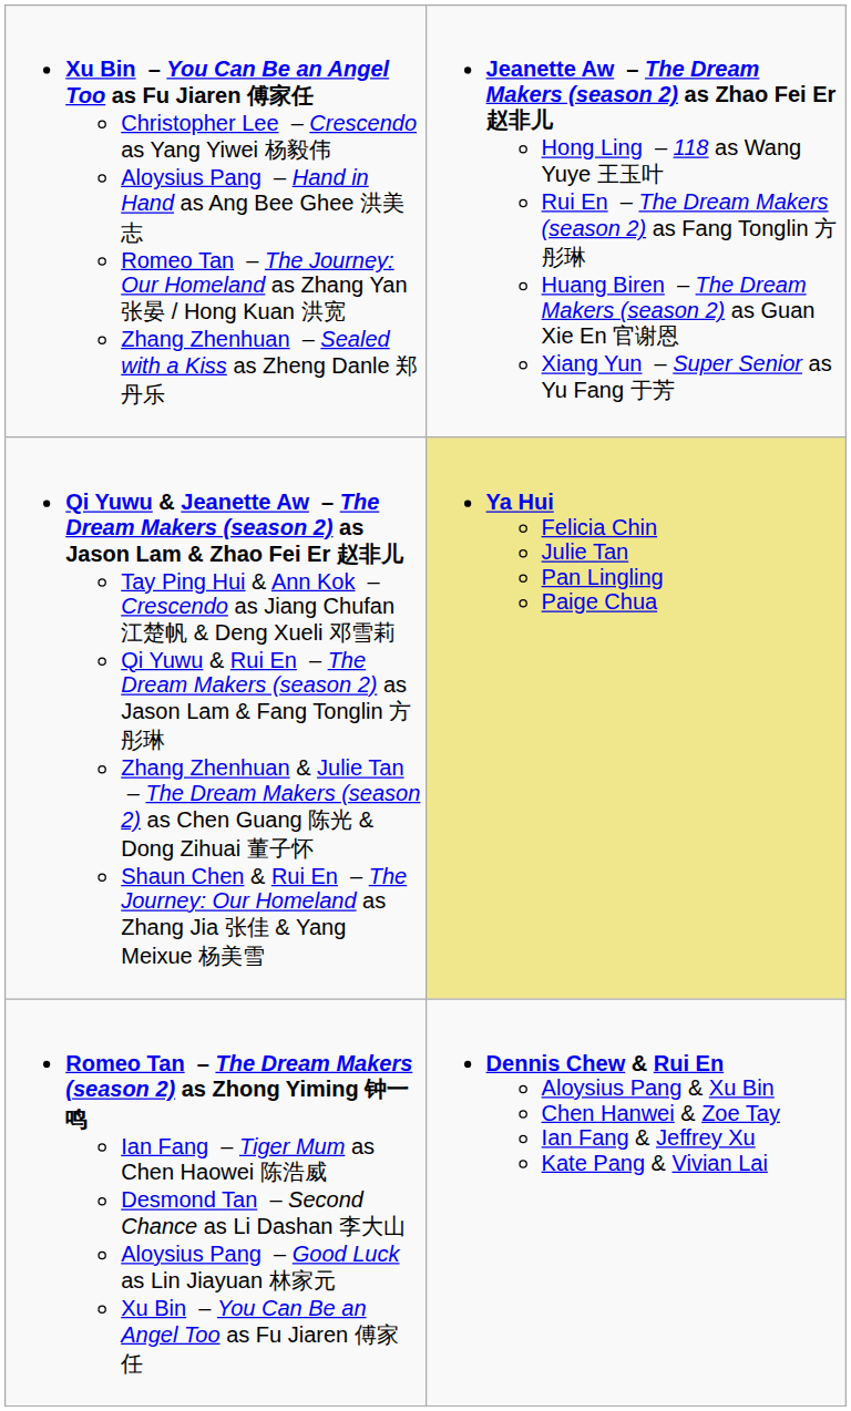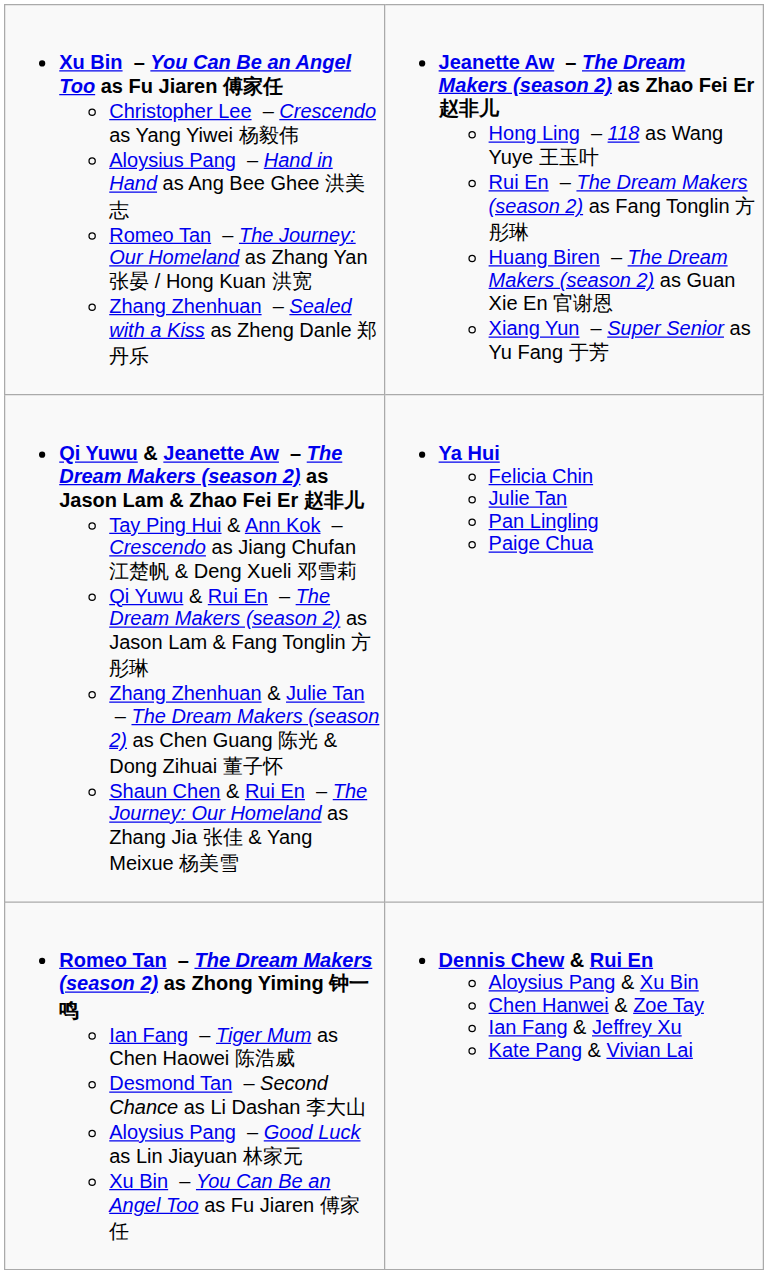 <table class=wikitable>
 <tr>
 <td valign="top" width="50%"><br><ul><li><strong><a href='#'>Xu Bin</a>  – <em><a href='#'>You Can Be an Angel Too</a></em> as Fu Jiaren 傅家任</strong><ul><li><a href='#'>Christopher Lee</a>    – <em><a href='#'>Crescendo</a></em>  as Yang Yiwei 杨毅伟</li><li><a href='#'>Aloysius Pang</a>  – <em><a href='#'>Hand in Hand</a></em>  as Ang Bee Ghee 洪美志</li><li><a href='#'>Romeo Tan</a>   – <em><a href='#'>The Journey: Our Homeland</a></em> as Zhang Yan 张晏 / Hong Kuan 洪宽</li><li><a href='#'>Zhang Zhenhuan</a>   – <em><a href='#'>Sealed with a Kiss</a></em> as Zheng Danle 郑丹乐</li></ul></li></ul></td>
 <td valign="top" width="50%"><br><ul><li><strong><a href='#'>Jeanette Aw</a>   – <em><a href='#'>The Dream Makers (season 2)</a></em> as Zhao Fei Er 赵非儿</strong><ul><li><a href='#'>Hong Ling</a>   – <em><a href='#'>118</a></em> as Wang Yuye 王玉叶</li><li><a href='#'>Rui En</a>    – <em><a href='#'>The Dream Makers (season 2)</a></em>  as Fang Tonglin 方彤琳</li><li><a href='#'>Huang Biren</a>   – <em><a href='#'>The Dream Makers (season 2)</a></em> as Guan Xie En 官谢恩</li><li><a href='#'>Xiang Yun</a>   – <em><a href='#'>Super Senior</a></em> as Yu Fang 于芳</li></ul></li></ul></td>
 </tr>
 <tr>
 <td valign="top" width="50%"><br><ul><li><strong><a href='#'>Qi Yuwu</a>  & <a href='#'>Jeanette Aw</a>   – <em><a href='#'>The Dream Makers (season 2)</a></em> as Jason Lam & Zhao Fei Er 赵非儿</strong><ul><li><a href='#'>Tay Ping Hui</a>  & <a href='#'>Ann Kok</a>   – <em><a href='#'>Crescendo</a></em>  as Jiang Chufan 江楚帆 & Deng Xueli 邓雪莉</li><li><a href='#'>Qi Yuwu</a>  & <a href='#'>Rui En</a>    – <em><a href='#'>The Dream Makers (season 2)</a></em>  as Jason Lam & Fang Tonglin 方彤琳</li><li><a href='#'>Zhang Zhenhuan</a> & <a href='#'>Julie Tan</a>   – <em><a href='#'>The Dream Makers (season 2)</a></em> as Chen Guang 陈光 & Dong Zihuai 董子怀</li><li><a href='#'>Shaun Chen</a>  & <a href='#'>Rui En</a>    – <em><a href='#'>The Journey: Our Homeland</a></em> as Zhang Jia 张佳 & Yang Meixue 杨美雪</li></ul></li></ul></td>
-<td valign="top" width="50%" style="background: khaki;"><br><ul><li><strong><a href='#'>Ya Hui</a> </strong><ul><li><a href='#'>Felicia Chin</a></li><li><a href='#'>Julie Tan</a></li><li><a href='#'>Pan Lingling</a></li><li><a href='#'>Paige Chua</a></li></ul></li></ul></td>
+<td valign="top" width="50%"><br><ul><li><strong><a href='#'>Ya Hui</a> </strong><ul><li><a href='#'>Felicia Chin</a></li><li><a href='#'>Julie Tan</a></li><li><a href='#'>Pan Lingling</a></li><li><a href='#'>Paige Chua</a></li></ul></li></ul></td>
 </tr>
 <tr>
 <td valign="top" width="50%"><br><ul><li><strong><a href='#'>Romeo Tan</a>   – <em><a href='#'>The Dream Makers (season 2)</a></em> as Zhong Yiming 钟一鸣</strong><ul><li><a href='#'>Ian Fang</a>   – <em><a href='#'>Tiger Mum</a></em>  as Chen Haowei 陈浩威</li><li><a href='#'>Desmond Tan</a>   – <em>Second Chance</em>  as Li Dashan 李大山</li><li><a href='#'>Aloysius Pang</a>  – <em><a href='#'>Good Luck</a></em>  as Lin Jiayuan 林家元</li><li><a href='#'>Xu Bin</a>  – <em><a href='#'>You Can Be an Angel Too</a></em> as Fu Jiaren 傅家任</li></ul></li></ul></td>
 <td valign="top" width="50%"><br><ul><li><strong><a href='#'>Dennis Chew</a>  & <a href='#'>Rui En</a> </strong><ul><li><a href='#'>Aloysius Pang</a>  & <a href='#'>Xu Bin</a></li><li><a href='#'>Chen Hanwei</a>  & <a href='#'>Zoe Tay</a></li><li><a href='#'>Ian Fang</a> & <a href='#'>Jeffrey Xu</a></li><li><a href='#'>Kate Pang</a>  & <a href='#'>Vivian Lai</a></li></ul></li></ul></td>
 </tr>
 <tr>
 </tr>
 </table>
